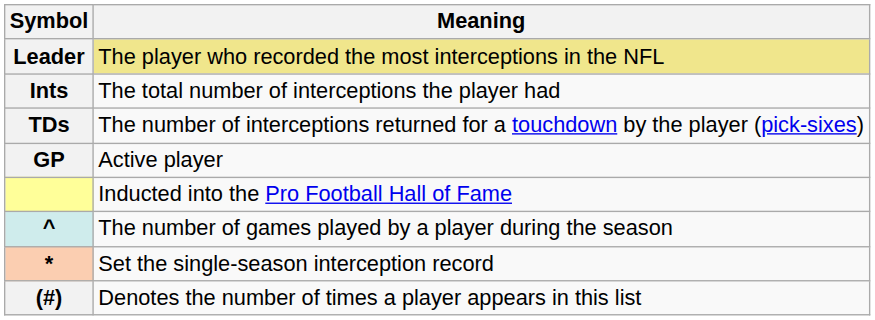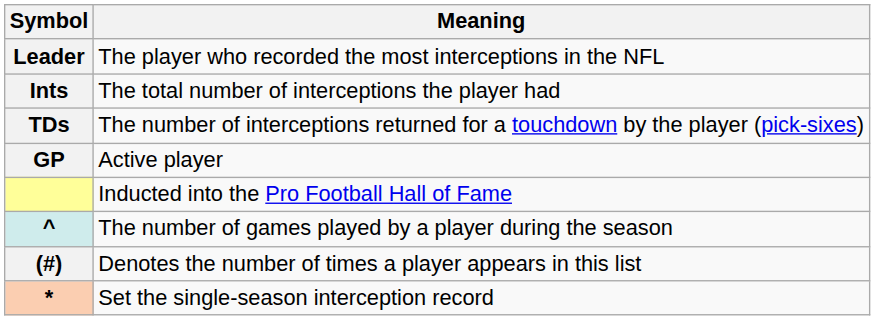 <table class="wikitable plainrowheaders" border="1">
 <tr>
 <th scope="col">Symbol</th>
 <th scope="col">Meaning</th>
 </tr>
 <tr>
 <th scope="row" style="text-align:center;"><strong>Leader</strong></th>
-<td style="background: khaki;">The player who recorded the most interceptions in the NFL</td>
+<td>The player who recorded the most interceptions in the NFL</td>
 </tr>
 <tr>
 <th scope="row" style="text-align:center;"><strong>Ints</strong></th>
 <td>The total number of interceptions the player had</td>
 </tr>
 <tr>
 <th scope="row" style="text-align:center;"><strong>TDs</strong></th>
 <td>The number of interceptions returned for a <a href='#'>touchdown</a> by the player (<a href='#'>pick-sixes</a>)</td>
 </tr>
 <tr>
 <th scope="row" style="text-align:center;"><strong>GP</strong></th>
 <td>Active player</td>
 </tr>
 <tr>
 <th scope="row" style="text-align:center; background:#FFFF99;"></th>
 <td>Inducted into the <a href='#'>Pro Football Hall of Fame</a></td>
 </tr>
 <tr>
 <th scope="row" style="text-align:center; background:#cfecec;">^</th>
 <td>The number of games played by a player during the season</td>
 </tr>
 <tr>
+<th scope="row" style="text-align:center;">(#)</th>
+<td>Denotes the number of times a player appears in this list</td>
+</tr>
+<tr>
 <th scope="row" style="text-align:center; background:#fbceb1;">*</th>
 <td>Set the single-season interception record</td>
 </tr>
-<tr>
-<th scope="row" style="text-align:center;">(#)</th>
-<td>Denotes the number of times a player appears in this list</td>
-</tr>
 </table>
